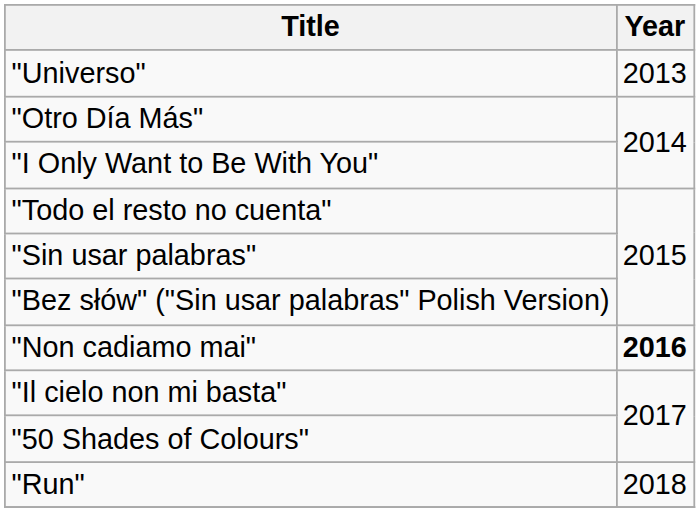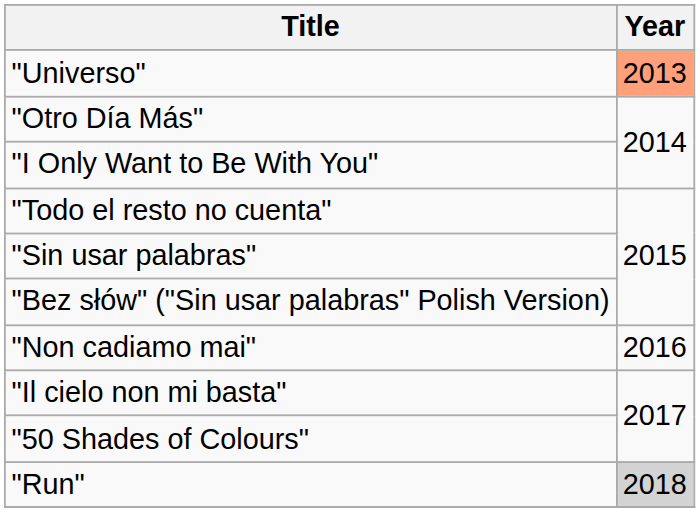 <table class="wikitable">
 <tr>
 <th>Title</th>
 <th>Year</th>
 </tr>
 <tr>
 <td>"Universo"</td>
-<td>2013</td>
+<td style="background: lightsalmon;">2013</td>
 </tr>
 <tr>
 <td>"Otro Día Más"</td>
 <td rowspan="2">2014</td>
 </tr>
 <tr>
 <td>"I Only Want to Be With You"</td>
 </tr>
 <tr>
 <td>"Todo el resto no cuenta"</td>
 <td rowspan="3">2015</td>
 </tr>
 <tr>
 <td>"Sin usar palabras"<br></td>
 </tr>
 <tr>
 <td>"Bez słów" ("Sin usar palabras" Polish Version) <br></td>
 </tr>
 <tr>
 <td>"Non cadiamo mai"</td>
-<td><strong>2016</strong></td>
+<td>2016</td>
 </tr>
 <tr>
 <td>"Il cielo non mi basta"</td>
 <td rowspan="2">2017</td>
 </tr>
 <tr>
 <td>"50 Shades of Colours"</td>
 </tr>
 <tr>
 <td>"Run"</td>
-<td>2018</td>
+<td style="background: lightgrey;">2018</td>
 </tr>
 <tr>
 </tr>
 </table>
